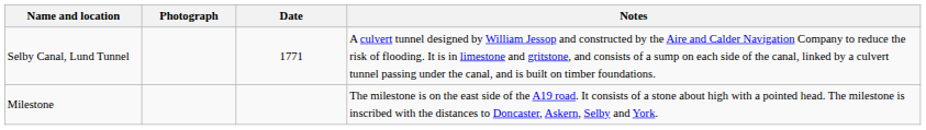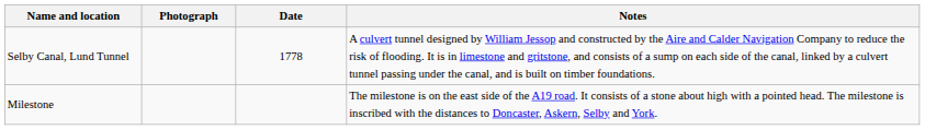 <table class="wikitable sortable plainrowheaders" style="width:100%;border:0px;text-align:left;line-height:150%;">
 <tr>
 <th scope="col"  style="width:150px">Name and location</th>
 <th scope="col"  style="width:100px" class="unsortable">Photograph</th>
 <th scope="col"  style="width:120px">Date</th>
 <th scope="col"  style="width:650px" class="unsortable">Notes</th>
 </tr>
 <tr>
 <td>Selby Canal, Lund Tunnel<br><small></small></td>
 <td></td>
-<td align="center">1771</td>
+<td align="center">1778</td>
 <td>A <a href='#'>culvert</a> tunnel designed by <a href='#'>William Jessop</a> and constructed by the <a href='#'>Aire and Calder Navigation</a> Company to reduce the risk of flooding.  It is in <a href='#'>limestone</a> and <a href='#'>gritstone</a>, and consists of a sump on each side of the canal, linked by a culvert tunnel passing under the canal, and is built on timber foundations.</td>
 </tr>
 <tr>
 <td>Milestone<br><small></small></td>
 <td></td>
 <td align="center"></td>
 <td>The milestone is on the east side of the <a href='#'>A19 road</a>.  It consists of a stone about  high with a pointed head.  The milestone is inscribed with the distances to <a href='#'>Doncaster</a>, <a href='#'>Askern</a>, <a href='#'>Selby</a> and <a href='#'>York</a>.</td>
 </tr>
 <tr>
 </tr>
 </table>
